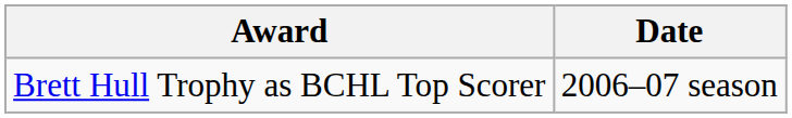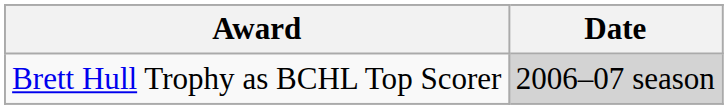 <table class="wikitable" border="1">
 <tr>
 <th>Award</th>
 <th>Date</th>
 </tr>
 <tr>
 <td><a href='#'>Brett Hull</a> Trophy as BCHL Top Scorer</td>
-<td>2006–07 season</td>
+<td style="background: lightgrey;">2006–07 season</td>
 </tr>
 </table>
